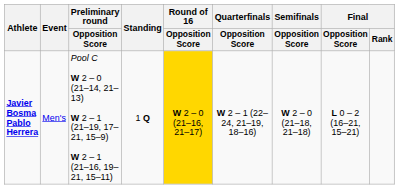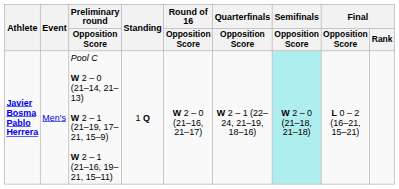 <table class=wikitable style="font-size:90%">
 <tr>
 <th rowspan="2">Athlete</th>
 <th rowspan="2">Event</th>
 <th>Preliminary round</th>
 <th rowspan="2">Standing</th>
 <th>Round of 16</th>
 <th>Quarterfinals</th>
 <th>Semifinals</th>
 <th colspan=2>Final</th>
 </tr>
 <tr style="font-size:95%">
 <th>Opposition<br>Score</th>
 <th>Opposition<br>Score</th>
 <th>Opposition<br>Score</th>
 <th>Opposition<br>Score</th>
 <th>Opposition<br>Score</th>
 <th>Rank</th>
 </tr>
 <tr align=center>
 <td align=left><strong><a href='#'>Javier Bosma</a><br><a href='#'>Pablo Herrera</a></strong></td>
 <td align=left><a href='#'>Men's</a></td>
 <td align=left><em>Pool C</em><br><br><strong>W</strong> 2 – 0 (21–14, 21–13)<br><br><strong>W</strong> 2 – 1 (21–19, 17–21, 15–9)<br><br><strong>W</strong> 2 – 1 (21–16, 19–21, 15–11)</td>
 <td>1 <strong>Q</strong></td>
-<td style="background: gold;"><br><strong>W</strong> 2 – 0 (21–16, 21–17)</td>
+<td><br><strong>W</strong> 2 – 0 (21–16, 21–17)</td>
 <td><br><strong>W</strong> 2 – 1 (22–24, 21–19, 18–16)</td>
-<td><br><strong>W</strong> 2 – 0 (21–18, 21–18)</td>
+<td style="background: paleturquoise;"><br><strong>W</strong> 2 – 0 (21–18, 21–18)</td>
 <td><br><strong>L</strong> 0 – 2 (16–21, 15–21)</td>
 <td></td>
 </tr>
 </table>
